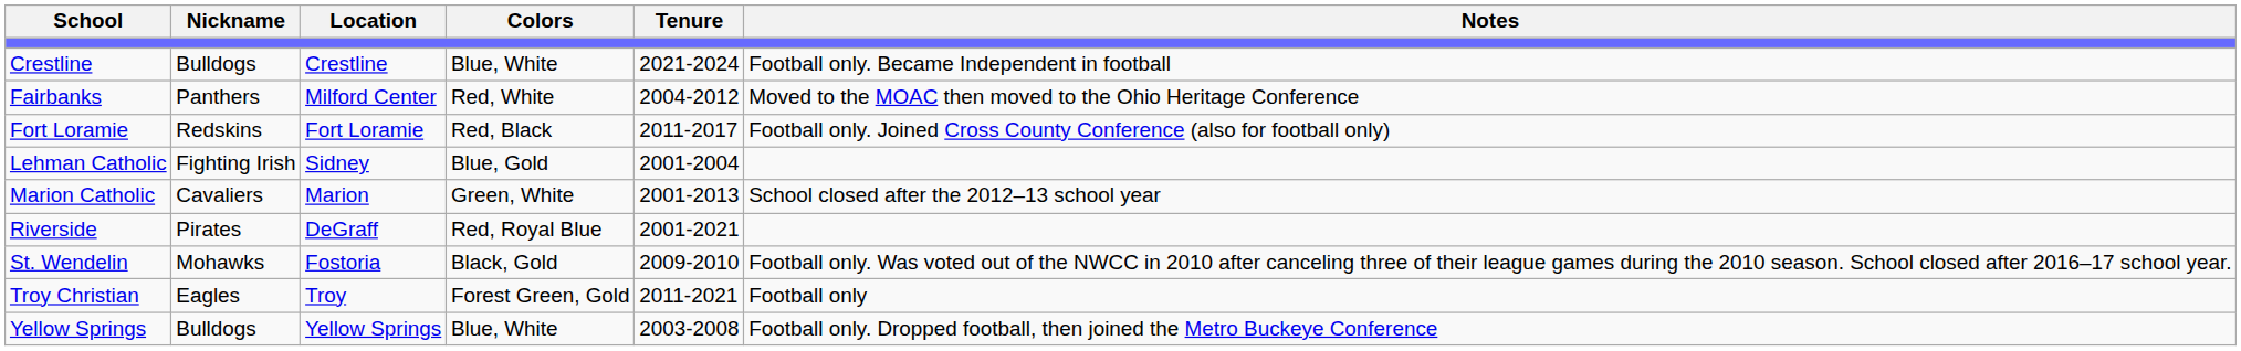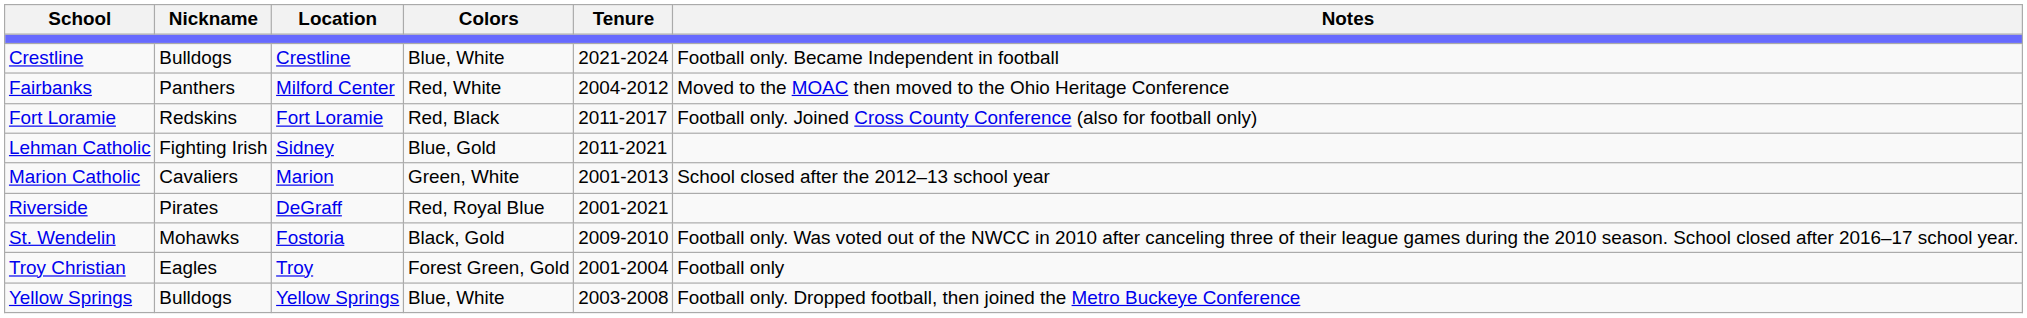 <table class="wikitable sortable">
 <tr>
 <th>School</th>
 <th>Nickname</th>
 <th>Location</th>
 <th>Colors</th>
 <th>Tenure</th>
 <th>Notes</th>
 </tr>
 <tr>
 <th colspan="7" style="background:#676AFE;"></th>
 </tr>
 <tr>
 <td><a href='#'>Crestline</a></td>
 <td>Bulldogs</td>
 <td><a href='#'>Crestline</a></td>
 <td>Blue, White<br> </td>
 <td>2021-2024</td>
 <td>Football only. Became Independent in football</td>
 </tr>
 <tr>
 <td><a href='#'>Fairbanks</a></td>
 <td>Panthers</td>
 <td><a href='#'>Milford Center</a></td>
 <td>Red, White<br> </td>
 <td>2004-2012</td>
 <td>Moved to the <a href='#'>MOAC</a> then moved to the Ohio Heritage Conference</td>
 </tr>
 <tr>
 <td><a href='#'>Fort Loramie</a></td>
 <td>Redskins</td>
 <td><a href='#'>Fort Loramie</a></td>
 <td>Red, Black <br> </td>
 <td>2011-2017</td>
 <td>Football only. Joined <a href='#'>Cross County Conference</a> (also for football only)</td>
 </tr>
 <tr>
 <td><a href='#'>Lehman Catholic</a></td>
 <td>Fighting Irish</td>
 <td><a href='#'>Sidney</a></td>
 <td>Blue, Gold <br> </td>
-<td>2001-2004</td>
+<td>2011-2021</td>
 </tr>
 <tr>
 <td><a href='#'>Marion Catholic</a></td>
 <td>Cavaliers</td>
 <td><a href='#'>Marion</a></td>
 <td>Green, White <br>  </td>
 <td>2001-2013</td>
 <td>School closed after the 2012–13 school year</td>
 </tr>
 <tr>
 <td><a href='#'>Riverside</a></td>
 <td>Pirates</td>
 <td><a href='#'>DeGraff</a></td>
 <td>Red, Royal Blue <br>  </td>
 <td>2001-2021</td>
 </tr>
 <tr>
 <td><a href='#'>St. Wendelin</a></td>
 <td>Mohawks</td>
 <td><a href='#'>Fostoria</a></td>
 <td>Black, Gold <br> </td>
 <td>2009-2010</td>
 <td>Football only. Was voted out of the NWCC in 2010 after canceling three of their league games during the 2010 season. School closed after 2016–17 school year.</td>
 </tr>
 <tr>
 <td><a href='#'>Troy Christian</a></td>
 <td>Eagles</td>
 <td><a href='#'>Troy</a></td>
 <td>Forest Green, Gold<br> </td>
-<td>2011-2021</td>
+<td>2001-2004</td>
 <td>Football only</td>
 </tr>
 <tr>
 <td><a href='#'>Yellow Springs</a></td>
 <td>Bulldogs</td>
 <td><a href='#'>Yellow Springs</a></td>
 <td>Blue, White<br>  </td>
 <td>2003-2008</td>
 <td>Football only. Dropped football, then joined the <a href='#'>Metro Buckeye Conference</a></td>
 </tr>
 </table>
